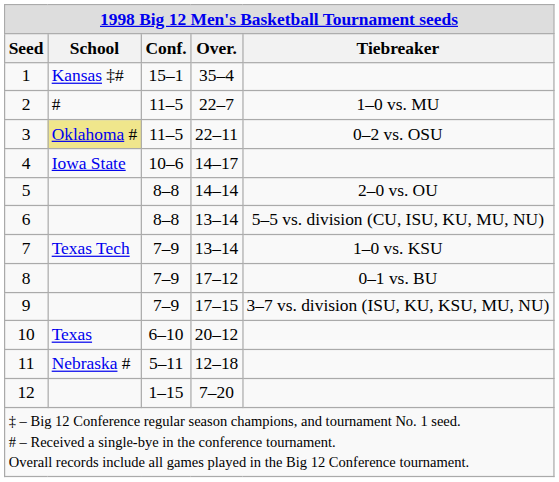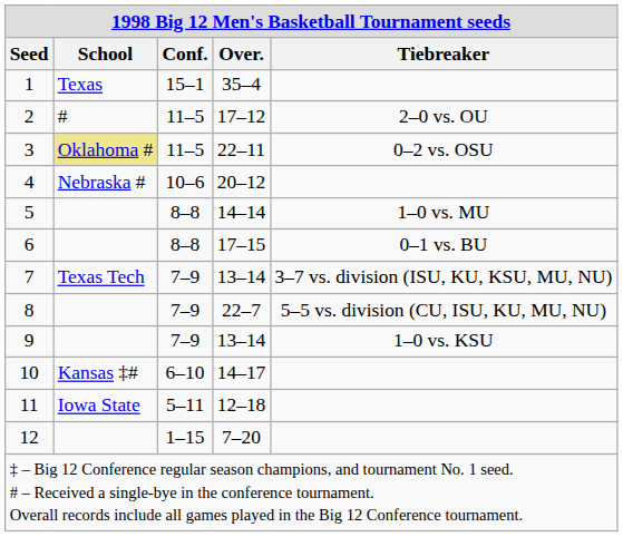 <table class="wikitable" style="white-space:nowrap; font-size:90%;text-align:center">
 <tr>
 <td colspan="10" style="text-align:center; background:#DDDDDD; font:#000000"><strong><a href='#'>1998 Big 12 Men's Basketball Tournament seeds</a></strong></td>
 </tr>
 <tr bgcolor="#efefef">
 <th>Seed</th>
 <th>School</th>
 <th>Conf.</th>
 <th>Over.</th>
 <th>Tiebreaker</th>
 </tr>
 <tr>
 <td>1</td>
-<td align=left><a href='#'>Kansas</a> ‡#</td>
+<td align=left><a href='#'>Texas</a></td>
 <td>15–1</td>
 <td>35–4</td>
 <td></td>
 </tr>
 <tr>
 <td>2</td>
 <td align=left> #</td>
 <td>11–5</td>
-<td>22–7</td>
-<td>1–0 vs. MU</td>
+<td>17–12</td>
+<td>2–0 vs. OU</td>
 </tr>
 <tr>
 <td>3</td>
 <td align=left style="background: khaki;"><a href='#'>Oklahoma</a> #</td>
 <td>11–5</td>
 <td>22–11</td>
 <td>0–2 vs. OSU</td>
 </tr>
 <tr>
 <td>4</td>
-<td align=left><a href='#'>Iowa State</a></td>
+<td align=left><a href='#'>Nebraska</a> #</td>
 <td>10–6</td>
-<td>14–17</td>
+<td>20–12</td>
 <td></td>
 </tr>
 <tr>
 <td>5</td>
 <td align=left></td>
 <td>8–8</td>
 <td>14–14</td>
-<td>2–0 vs. OU</td>
+<td>1–0 vs. MU</td>
 </tr>
 <tr>
 <td>6</td>
 <td align=left></td>
 <td>8–8</td>
-<td>13–14</td>
-<td>5–5 vs. division (CU, ISU, KU, MU, NU)</td>
+<td>17–15</td>
+<td>0–1 vs. BU</td>
 </tr>
 <tr>
 <td>7</td>
 <td align=left><a href='#'>Texas Tech</a></td>
 <td>7–9</td>
 <td>13–14</td>
-<td>1–0 vs. KSU</td>
+<td>3–7 vs. division (ISU, KU, KSU, MU, NU)</td>
 </tr>
 <tr>
 <td>8</td>
 <td align=left></td>
 <td>7–9</td>
-<td>17–12</td>
-<td>0–1 vs. BU</td>
+<td>22–7</td>
+<td>5–5 vs. division (CU, ISU, KU, MU, NU)</td>
 </tr>
 <tr>
 <td>9</td>
 <td align=left></td>
 <td>7–9</td>
-<td>17–15</td>
-<td>3–7 vs. division (ISU, KU, KSU, MU, NU)</td>
+<td>13–14</td>
+<td>1–0 vs. KSU</td>
 </tr>
 <tr>
 <td>10</td>
-<td align=left><a href='#'>Texas</a></td>
+<td align=left><a href='#'>Kansas</a> ‡#</td>
 <td>6–10</td>
-<td>20–12</td>
+<td>14–17</td>
 <td></td>
 </tr>
 <tr>
 <td>11</td>
-<td align=left><a href='#'>Nebraska</a> #</td>
+<td align=left><a href='#'>Iowa State</a></td>
 <td>5–11</td>
 <td>12–18</td>
 <td></td>
 </tr>
 <tr>
 <td>12</td>
 <td align=left></td>
 <td>1–15</td>
 <td>7–20</td>
 <td></td>
 </tr>
 <tr>
 <td colspan="10" style="text-align:left;"><small>‡ – Big 12 Conference regular season champions, and tournament No. 1 seed.<br># – Received a single-bye in the conference tournament.<br>Overall records include all games played in the Big 12 Conference tournament.</small></td>
 </tr>
 </table>
